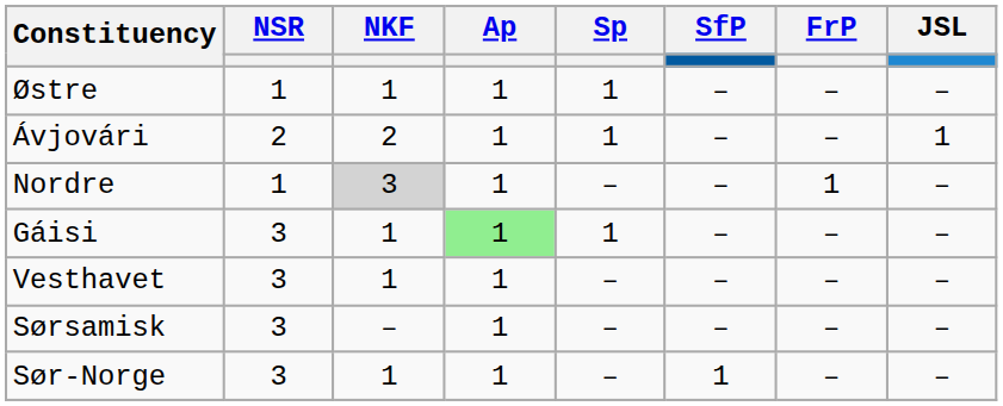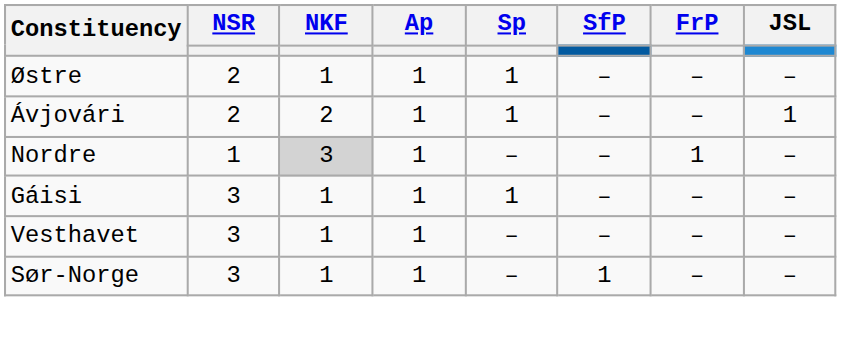 <table class="wikitable sortable" style="font-size:90%; text-align:center;">
 <tr>
 <th rowspan=2>Constituency</th>
 <th style="width:40px;"><a href='#'>NSR</a></th>
 <th style="width:40px;"><a href='#'>NKF</a></th>
 <th style="width:40px;"><a href='#'>Ap</a></th>
 <th style="width:40px;"><a href='#'>Sp</a></th>
 <th style="width:40px;"><a href='#'>SfP</a></th>
 <th style="width:40px;"><a href='#'>FrP</a></th>
 <th style="width:40px;">JSL</th>
 </tr>
 <tr>
 <th style="background:"></th>
 <th style="background:"></th>
 <th style="background:"></th>
 <th style="background:"></th>
 <th style="background:#025aa0;"></th>
 <th style="background:"></th>
 <th style="background:#1e88d2;"></th>
 </tr>
 <tr>
 <td align=left>Østre</td>
-<td>1</td>
+<td>2</td>
 <td>1</td>
 <td>1</td>
 <td>1</td>
 <td>–</td>
 <td>–</td>
 <td>–</td>
 </tr>
 <tr>
 <td align=left>Ávjovári</td>
 <td>2</td>
 <td>2</td>
 <td>1</td>
 <td>1</td>
 <td>–</td>
 <td>–</td>
 <td>1</td>
 </tr>
 <tr>
 <td align=left>Nordre</td>
 <td>1</td>
 <td style="background: lightgrey;">3</td>
 <td>1</td>
 <td>–</td>
 <td>–</td>
 <td>1</td>
 <td>–</td>
 </tr>
 <tr>
 <td align=left>Gáisi</td>
 <td>3</td>
 <td>1</td>
-<td style="background: lightgreen;">1</td>
+<td>1</td>
 <td>1</td>
 <td>–</td>
 <td>–</td>
 <td>–</td>
 </tr>
 <tr>
 <td align=left>Vesthavet</td>
 <td>3</td>
 <td>1</td>
-<td>1</td>
-<td>–</td>
-<td>–</td>
-<td>–</td>
-<td>–</td>
-</tr>
-<tr>
-<td align=left>Sørsamisk</td>
-<td>3</td>
-<td>–</td>
 <td>1</td>
 <td>–</td>
 <td>–</td>
 <td>–</td>
 <td>–</td>
 </tr>
 <tr>
 <td align=left>Sør-Norge</td>
 <td>3</td>
 <td>1</td>
 <td>1</td>
 <td>–</td>
 <td>1</td>
 <td>–</td>
 <td>–</td>
 </tr>
 </table>
